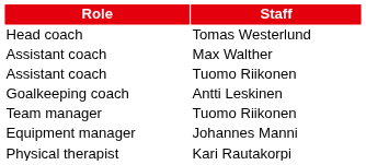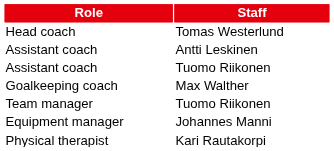 <table class="toccolours" style="width:25em">
 <tr>
 </tr>
 <tr>
 <th style="background:#e4000d;color:white;border:#e4000d 1px solid">Role</th>
 <th style="background:#e4000d;color:white;border:#e4000d 1px solid">Staff</th>
 </tr>
 <tr>
 <td>Head coach</td>
 <td> Tomas Westerlund</td>
 </tr>
 <tr>
 <td>Assistant coach</td>
-<td> Max Walther</td>
+<td> Antti Leskinen</td>
 </tr>
 <tr>
 <td>Assistant coach</td>
 <td> Tuomo Riikonen</td>
 </tr>
 <tr>
 <td>Goalkeeping coach</td>
-<td> Antti Leskinen</td>
+<td> Max Walther</td>
 </tr>
 <tr>
 <td>Team manager</td>
 <td> Tuomo Riikonen</td>
 </tr>
 <tr>
 <td>Equipment manager</td>
 <td> Johannes Manni</td>
 </tr>
 <tr>
 <td>Physical therapist</td>
 <td> Kari Rautakorpi</td>
 </tr>
 <tr>
 </tr>
 </table>
